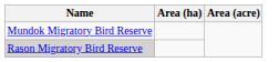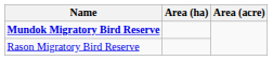 <table class="wikitable sortable">
 <tr>
 <th scope="col" align=left>Name</th>
 <th scope="col">Area (ha)</th>
 <th scope="col">Area (acre)</th>
 </tr>
 <tr ---->
-<td><a href='#'>Mundok Migratory Bird Reserve</a></td>
+<td><strong><a href='#'>Mundok Migratory Bird Reserve</a></strong></td>
 <td></td>
 </tr>
 <tr ---->
-<td style="background: lightgrey;"><a href='#'>Rason Migratory Bird Reserve</a></td>
+<td><a href='#'>Rason Migratory Bird Reserve</a></td>
 <td></td>
 </tr>
 </table>
